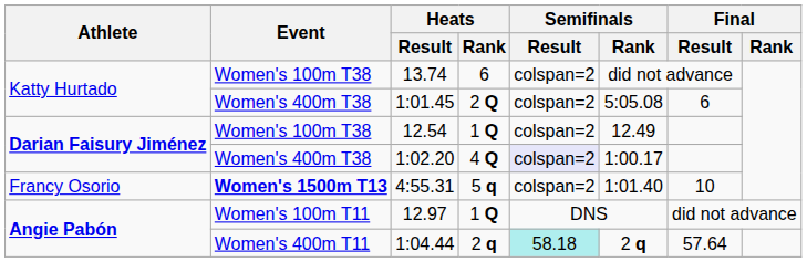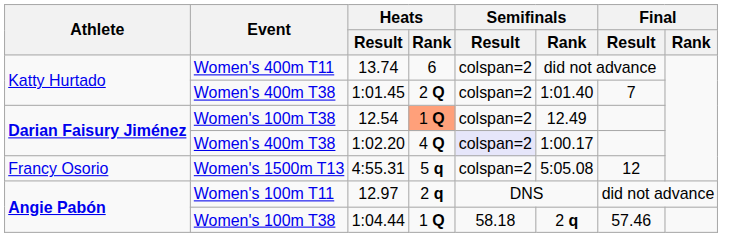 <table class=wikitable style="font-size:95%">
 <tr>
 <th rowspan="2">Athlete</th>
 <th rowspan="2">Event</th>
 <th colspan="2">Heats</th>
 <th colspan="2">Semifinals</th>
 <th colspan="2">Final</th>
 </tr>
 <tr>
 <th>Result</th>
 <th>Rank</th>
 <th>Result</th>
 <th>Rank</th>
 <th>Result</th>
 <th>Rank</th>
 </tr>
 <tr align=center>
 <td rowspan=2 align=left><a href='#'>Katty Hurtado</a></td>
-<td align=left><a href='#'>Women's 100m T38</a></td>
+<td align=left><a href='#'>Women's 400m T11</a></td>
 <td>13.74</td>
 <td>6</td>
 <td>colspan=2 </td>
 <td colspan=2>did not advance</td>
 </tr>
 <tr align=center>
 <td align=left><a href='#'>Women's 400m T38</a></td>
 <td>1:01.45</td>
 <td>2 <strong>Q</strong></td>
 <td>colspan=2 </td>
-<td>5:05.08</td>
-<td>6</td>
+<td>1:01.40</td>
+<td>7</td>
 </tr>
 <tr align=center>
 <td rowspan=2 align=left><strong><a href='#'>Darian Faisury Jiménez</a></strong></td>
 <td align=left><a href='#'>Women's 100m T38</a></td>
 <td>12.54</td>
-<td>1 <strong>Q</strong></td>
+<td style="background: lightsalmon;">1 <strong>Q</strong></td>
 <td>colspan=2 </td>
 <td>12.49</td>
 <td></td>
 </tr>
 <tr align=center>
 <td align=left><a href='#'>Women's 400m T38</a></td>
 <td>1:02.20</td>
 <td>4 <strong>Q</strong></td>
 <td style="background: lavender;">colspan=2 </td>
 <td>1:00.17</td>
 <td></td>
 </tr>
 <tr align=center>
 <td align=left><a href='#'>Francy Osorio</a></td>
-<td align=left><strong><a href='#'>Women's 1500m T13</a></strong></td>
+<td align=left><a href='#'>Women's 1500m T13</a></td>
 <td>4:55.31</td>
 <td>5 <strong>q</strong></td>
 <td>colspan=2 </td>
-<td>1:01.40</td>
-<td>10</td>
+<td>5:05.08</td>
+<td>12</td>
 </tr>
 <tr align=center>
 <td rowspan=2 align=left><strong><a href='#'>Angie Pabón</a></strong></td>
 <td align=left><a href='#'>Women's 100m T11</a></td>
 <td>12.97</td>
-<td>1 <strong>Q</strong></td>
+<td>2 <strong>q</strong></td>
 <td colspan=2>DNS</td>
 <td colspan=2>did not advance</td>
 </tr>
 <tr align=center>
-<td align=left><a href='#'>Women's 400m T11</a></td>
+<td align=left><a href='#'>Women's 100m T38</a></td>
 <td>1:04.44</td>
+<td>1 <strong>Q</strong></td>
+<td>58.18</td>
 <td>2 <strong>q</strong></td>
-<td style="background: paleturquoise;">58.18</td>
-<td>2 <strong>q</strong></td>
-<td>57.64</td>
+<td>57.46</td>
 <td></td>
 </tr>
 </table>
